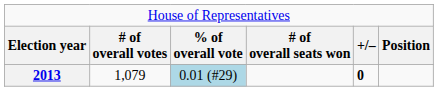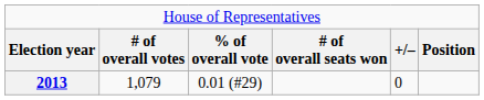 <table class=wikitable>
 <tr>
 <td align=center colspan=6><a href='#'>House of Representatives</a></td>
 </tr>
 <tr>
 <th>Election year</th>
 <th># of<br>overall votes</th>
 <th>% of<br>overall vote</th>
 <th># of<br>overall seats won</th>
 <th>+/–</th>
 <th>Position</th>
 </tr>
 <tr>
 <th><a href='#'>2013</a></th>
 <td align=center>1,079</td>
-<td align=center style="background: lightblue;">0.01 (#29)</td>
+<td align=center>0.01 (#29)</td>
 <td></td>
-<td><strong> 0</strong></td>
+<td> 0</td>
 <td></td>
 </tr>
 </table>
